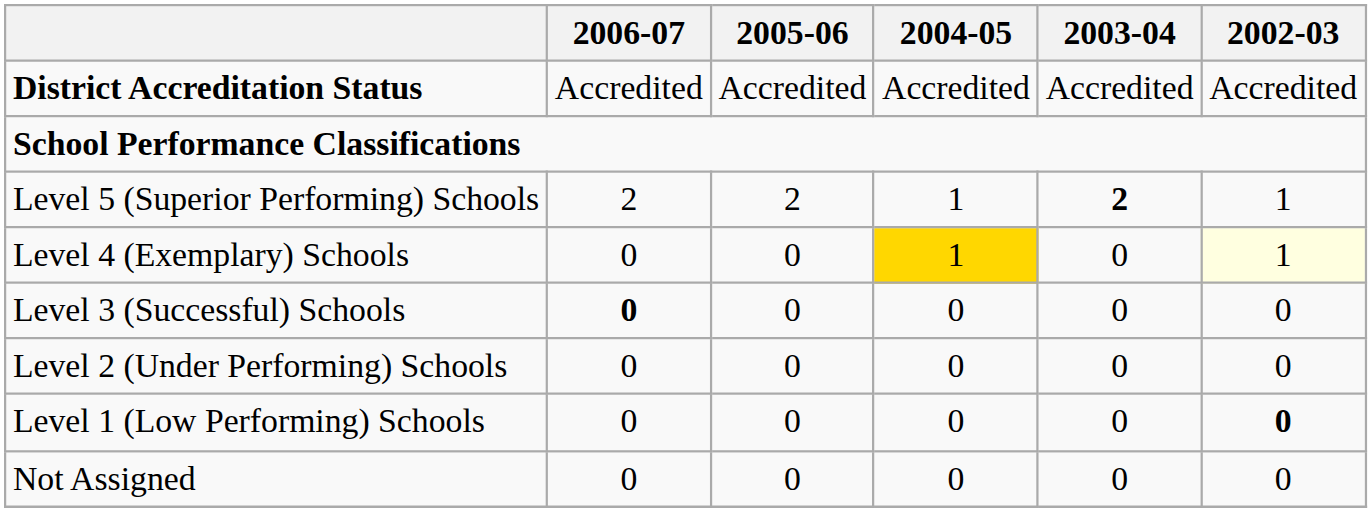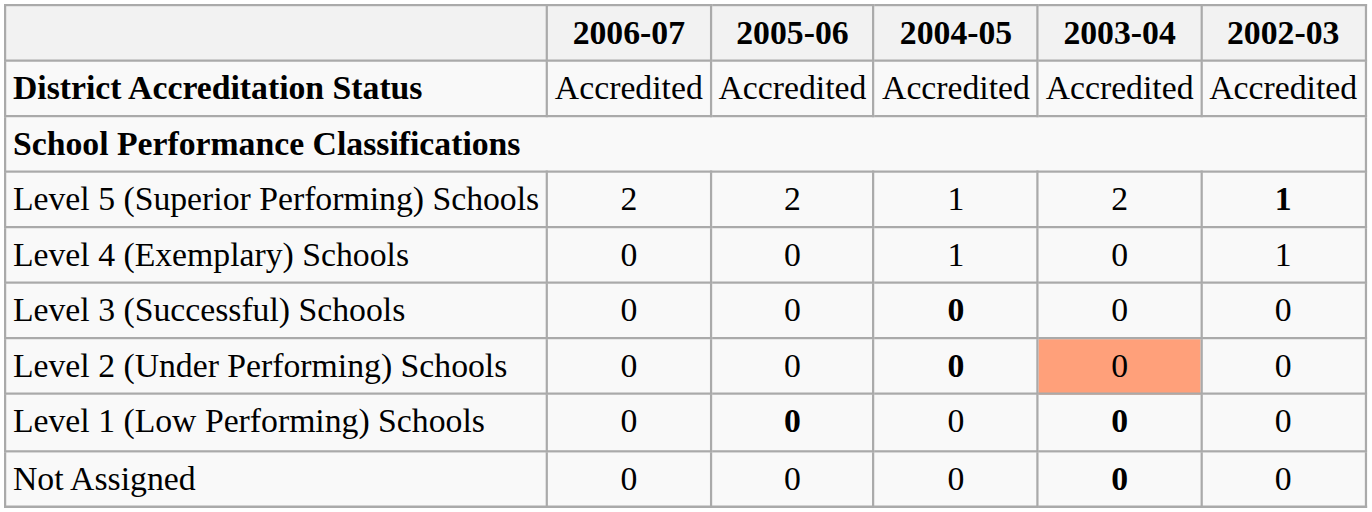 <table class="wikitable" style="font-size: 95%;">
 <tr>
 <th></th>
 <th>2006-07</th>
 <th>2005-06</th>
 <th>2004-05</th>
 <th>2003-04</th>
 <th>2002-03</th>
 </tr>
 <tr>
 <td align="left"><strong>District Accreditation Status</strong></td>
 <td align="center">Accredited</td>
 <td align="center">Accredited</td>
 <td align="center">Accredited</td>
 <td align="center">Accredited</td>
 <td align="center">Accredited</td>
 </tr>
 <tr>
 <td align="left" colspan="6"><strong>School Performance Classifications</strong></td>
 </tr>
 <tr>
 <td align="left">Level 5 (Superior Performing) Schools</td>
 <td align="center">2</td>
 <td align="center">2</td>
 <td align="center">1</td>
-<td align="center"><strong>2</strong></td>
-<td align="center">1</td>
+<td align="center">2</td>
+<td align="center"><strong>1</strong></td>
 </tr>
 <tr>
 <td align="left">Level 4 (Exemplary) Schools</td>
 <td align="center">0</td>
 <td align="center">0</td>
-<td align="center" style="background: gold;">1</td>
+<td align="center">1</td>
 <td align="center">0</td>
-<td align="center" style="background: lightyellow;">1</td>
+<td align="center">1</td>
 </tr>
 <tr>
 <td align="left">Level 3 (Successful) Schools</td>
-<td align="center"><strong>0</strong></td>
 <td align="center">0</td>
 <td align="center">0</td>
+<td align="center"><strong>0</strong></td>
 <td align="center">0</td>
 <td align="center">0</td>
 </tr>
 <tr>
 <td align="left">Level 2 (Under Performing) Schools</td>
 <td align="center">0</td>
 <td align="center">0</td>
-<td align="center">0</td>
-<td align="center">0</td>
+<td align="center"><strong>0</strong></td>
+<td align="center" style="background: lightsalmon;">0</td>
 <td align="center">0</td>
 </tr>
 <tr>
 <td align="left">Level 1 (Low Performing) Schools</td>
 <td align="center">0</td>
-<td align="center">0</td>
-<td align="center">0</td>
+<td align="center"><strong>0</strong></td>
 <td align="center">0</td>
 <td align="center"><strong>0</strong></td>
+<td align="center">0</td>
 </tr>
 <tr>
 <td align="left">Not Assigned</td>
 <td align="center">0</td>
 <td align="center">0</td>
 <td align="center">0</td>
-<td align="center">0</td>
+<td align="center"><strong>0</strong></td>
 <td align="center">0</td>
 </tr>
 <tr>
 </tr>
 </table>
